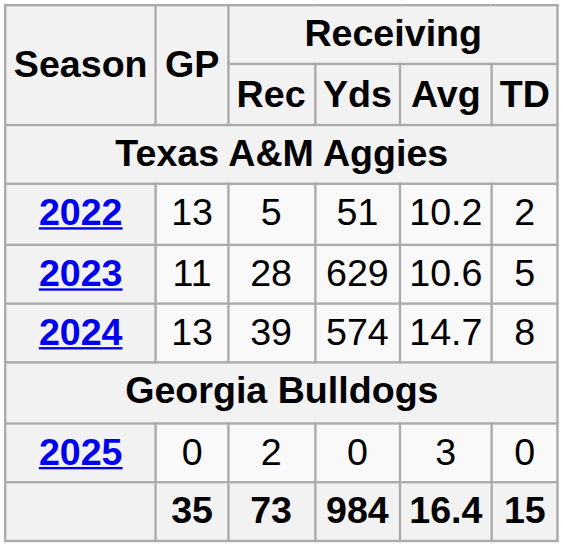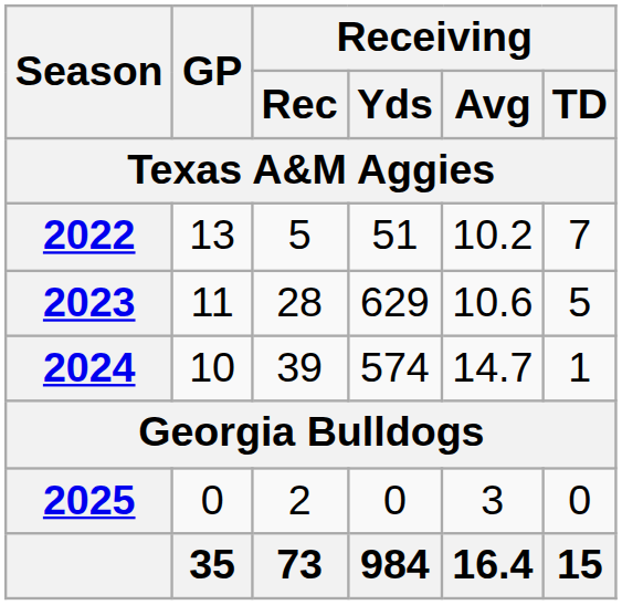 <table class="wikitable" style="text-align:center;">
 <tr>
 <th rowspan="2">Season</th>
 <th rowspan="2">GP</th>
 <th colspan="4">Receiving</th>
 </tr>
 <tr>
 <th>Rec</th>
 <th>Yds</th>
 <th>Avg</th>
 <th>TD</th>
 </tr>
 <tr>
 <th colspan="11">Texas A&M Aggies</th>
 </tr>
 <tr>
 <th><a href='#'>2022</a></th>
 <td>13</td>
 <td>5</td>
 <td>51</td>
 <td>10.2</td>
-<td>2</td>
+<td>7</td>
 </tr>
 <tr>
 <th><a href='#'>2023</a></th>
 <td>11</td>
 <td>28</td>
 <td>629</td>
 <td>10.6</td>
 <td>5</td>
 </tr>
 <tr>
 <th><a href='#'>2024</a></th>
-<td>13</td>
+<td>10</td>
 <td>39</td>
 <td>574</td>
 <td>14.7</td>
-<td>8</td>
+<td>1</td>
 </tr>
 <tr>
 <th colspan="11">Georgia Bulldogs</th>
 </tr>
 <tr>
 <th><a href='#'>2025</a></th>
 <td>0</td>
 <td>2</td>
 <td>0</td>
 <td>3</td>
 <td>0</td>
 </tr>
 <tr>
 <th></th>
 <th>35</th>
 <th>73</th>
 <th>984</th>
 <th>16.4</th>
 <th>15</th>
 </tr>
 </table>
